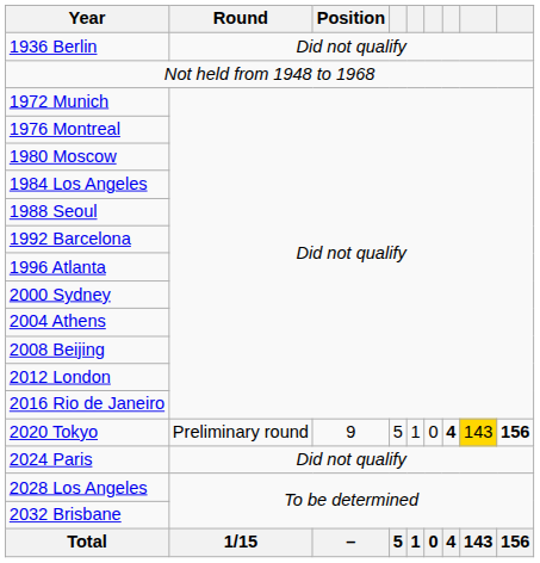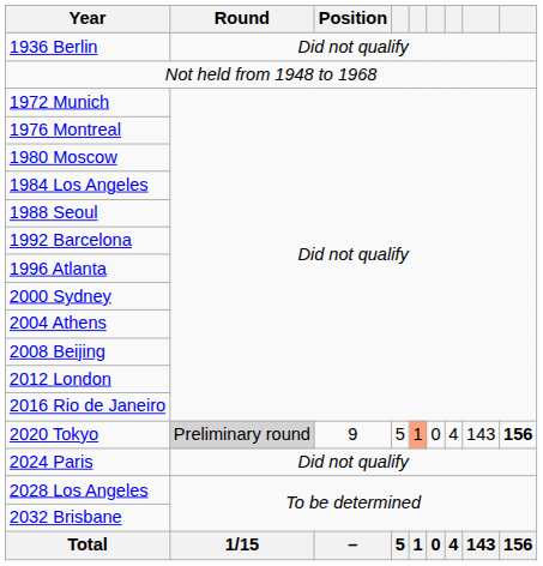 <table class="wikitable" style="text-align:center;">
 <tr>
 <th>Year</th>
 <th>Round</th>
 <th>Position</th>
 <th></th>
 <th></th>
 <th></th>
 <th></th>
 <th></th>
 <th></th>
 </tr>
 <tr>
 <td align=left> <a href='#'>1936 Berlin</a></td>
 <td colspan=8><em>Did not qualify</em></td>
 </tr>
 <tr>
 <td colspan=9><em>Not held from 1948 to 1968</em></td>
 </tr>
 <tr>
 <td align=left> <a href='#'>1972 Munich</a></td>
 <td rowspan=12 colspan=8><em>Did not qualify</em></td>
 </tr>
 <tr>
 <td align=left> <a href='#'>1976 Montreal</a></td>
 </tr>
 <tr>
 <td align=left> <a href='#'>1980 Moscow</a></td>
 </tr>
 <tr>
 <td align=left> <a href='#'>1984 Los Angeles</a></td>
 </tr>
 <tr>
 <td align=left> <a href='#'>1988 Seoul</a></td>
 </tr>
 <tr>
 <td align=left> <a href='#'>1992 Barcelona</a></td>
 </tr>
 <tr>
 <td align=left> <a href='#'>1996 Atlanta</a></td>
 </tr>
 <tr>
 <td align=left> <a href='#'>2000 Sydney</a></td>
 </tr>
 <tr>
 <td align=left> <a href='#'>2004 Athens</a></td>
 </tr>
 <tr>
 <td align=left> <a href='#'>2008 Beijing</a></td>
 </tr>
 <tr>
 <td align=left> <a href='#'>2012 London</a></td>
 </tr>
 <tr>
 <td align=left> <a href='#'>2016 Rio de Janeiro</a></td>
 </tr>
 <tr>
 <td align=left> <a href='#'>2020 Tokyo</a></td>
-<td>Preliminary round</td>
+<td style="background: lightgrey;">Preliminary round</td>
 <td>9</td>
 <td>5</td>
-<td>1</td>
+<td style="background: lightsalmon;">1</td>
 <td>0</td>
-<td><strong>4</strong></td>
-<td style="background: gold;">143</td>
+<td>4</td>
+<td>143</td>
 <td><strong>156</strong></td>
 </tr>
 <tr>
 <td align=left> <a href='#'>2024 Paris</a></td>
 <td rowspan=1 colspan=8><em>Did not qualify</em></td>
 </tr>
 <tr>
 <td align=left> <a href='#'>2028 Los Angeles</a></td>
 <td rowspan=2 colspan=8><em>To be determined</em></td>
 </tr>
 <tr>
 <td align=left> <a href='#'>2032 Brisbane</a></td>
 </tr>
 <tr>
 <th>Total</th>
 <th>1/15</th>
 <th>–</th>
 <th>5</th>
 <th>1</th>
 <th>0</th>
 <th>4</th>
 <th>143</th>
 <th>156</th>
 </tr>
 </table>
